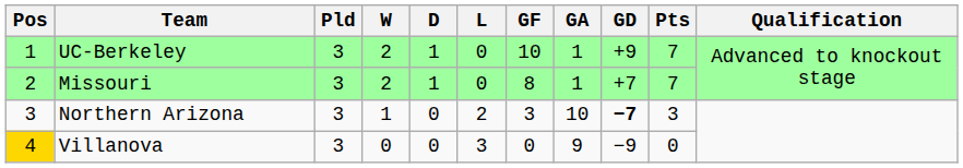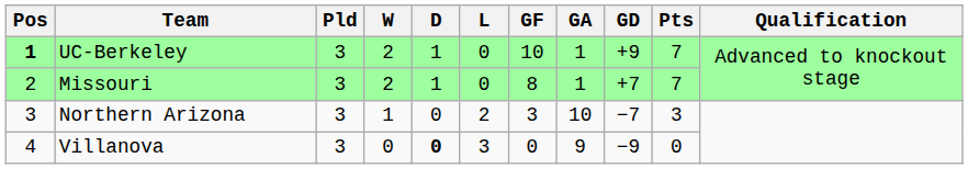 <table class="wikitable" style="text-align:center; margin: 1em auto">
 <tr>
 <th style="width:2em">Pos</th>
 <th style="width:13em">Team</th>
 <th style="width:2em">Pld</th>
 <th style="width:2em">W</th>
 <th style="width:2em">D</th>
 <th style="width:2em">L</th>
 <th style="width:2em">GF</th>
 <th style="width:2em">GA</th>
 <th style="width:2em">GD</th>
 <th style="width:2em">Pts</th>
 <th style="width:13em">Qualification</th>
 </tr>
 <tr bgcolor="#9eff9e">
-<td>1</td>
+<td><strong>1</strong></td>
 <td style="text-align:left">UC-Berkeley</td>
 <td>3</td>
 <td>2</td>
 <td>1</td>
 <td>0</td>
 <td>10</td>
 <td>1</td>
 <td>+9</td>
 <td>7</td>
 <td rowspan="2">Advanced to knockout stage</td>
 </tr>
 <tr bgcolor="#9eff9e">
 <td>2</td>
 <td style="text-align:left">Missouri</td>
 <td>3</td>
 <td>2</td>
 <td>1</td>
 <td>0</td>
 <td>8</td>
 <td>1</td>
 <td>+7</td>
 <td>7</td>
 </tr>
 <tr>
 <td>3</td>
 <td style="text-align:left">Northern Arizona</td>
 <td>3</td>
 <td>1</td>
 <td>0</td>
 <td>2</td>
 <td>3</td>
 <td>10</td>
-<td><strong>−7</strong></td>
+<td>−7</td>
 <td>3</td>
 </tr>
 <tr>
-<td style="background: gold;">4</td>
+<td>4</td>
 <td style="text-align:left">Villanova</td>
 <td>3</td>
 <td>0</td>
-<td>0</td>
+<td><strong>0</strong></td>
 <td>3</td>
 <td>0</td>
 <td>9</td>
 <td>−9</td>
 <td>0</td>
 </tr>
 </table>
